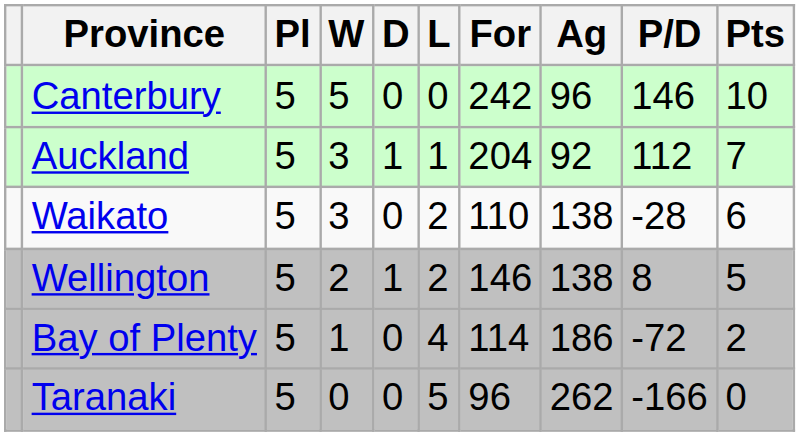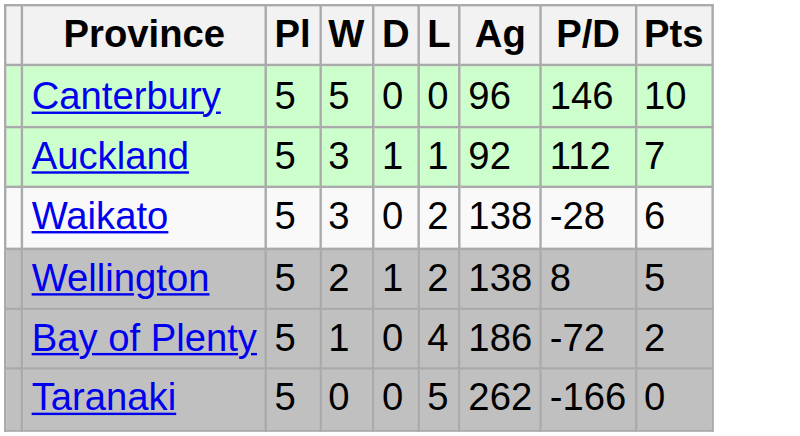 <table class="wikitable sortable">
 <tr>
 <th></th>
 <th>Province</th>
 <th>Pl</th>
 <th>W</th>
 <th>D</th>
 <th>L</th>
-<th>For</th>
 <th>Ag</th>
 <th>P/D</th>
 <th>Pts</th>
 </tr>
 <tr style="background: #ccffcc;">
 <td></td>
 <td><a href='#'>Canterbury</a></td>
 <td>5</td>
 <td>5</td>
 <td>0</td>
 <td>0</td>
-<td>242</td>
 <td>96</td>
 <td>146</td>
 <td>10</td>
 </tr>
 <tr style="background:#ccffcc;">
 <td></td>
 <td><a href='#'>Auckland</a></td>
 <td>5</td>
 <td>3</td>
 <td>1</td>
 <td>1</td>
-<td>204</td>
 <td>92</td>
 <td>112</td>
 <td>7</td>
 </tr>
 <tr style="background:">
 <td></td>
 <td><a href='#'>Waikato</a></td>
 <td>5</td>
 <td>3</td>
 <td>0</td>
 <td>2</td>
-<td>110</td>
 <td>138</td>
 <td>-28</td>
 <td>6</td>
 </tr>
 <tr style="background: silver">
 <td></td>
 <td><a href='#'>Wellington</a></td>
 <td>5</td>
 <td>2</td>
 <td>1</td>
 <td>2</td>
-<td>146</td>
 <td>138</td>
 <td>8</td>
 <td>5</td>
 </tr>
 <tr style="background: silver">
 <td></td>
 <td><a href='#'>Bay of Plenty</a></td>
 <td>5</td>
 <td>1</td>
 <td>0</td>
 <td>4</td>
-<td>114</td>
 <td>186</td>
 <td>-72</td>
 <td>2</td>
 </tr>
 <tr style="background: silver">
 <td></td>
 <td><a href='#'>Taranaki</a></td>
 <td>5</td>
 <td>0</td>
 <td>0</td>
 <td>5</td>
-<td>96</td>
 <td>262</td>
 <td>-166</td>
 <td>0</td>
 </tr>
 </table>
